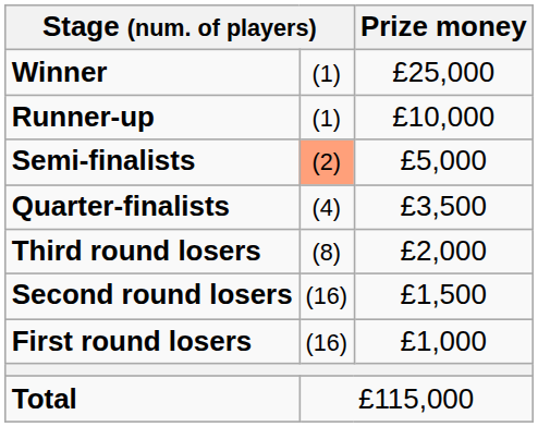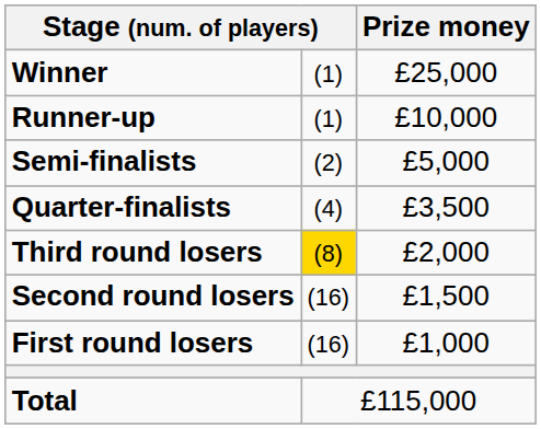 <table class="wikitable">
 <tr>
 <th colspan=2>Stage <small>(num. of players)</small></th>
 <th>Prize money</th>
 </tr>
 <tr>
 <td><strong>Winner</strong></td>
 <td align=center><small>(1)</small></td>
 <td align=center>£25,000</td>
 </tr>
 <tr>
 <td><strong>Runner-up</strong></td>
 <td align=center><small>(1)</small></td>
 <td align=center>£10,000</td>
 </tr>
 <tr>
 <td><strong>Semi-finalists</strong></td>
-<td align=center style="background: lightsalmon;"><small>(2)</small></td>
+<td align=center><small>(2)</small></td>
 <td align=center>£5,000</td>
 </tr>
 <tr>
 <td><strong>Quarter-finalists</strong></td>
 <td align=center><small>(4)</small></td>
 <td align=center>£3,500</td>
 </tr>
 <tr>
 <td><strong>Third round losers</strong></td>
-<td align=center><small>(8)</small></td>
+<td align=center style="background: gold;"><small>(8)</small></td>
 <td align=center>£2,000</td>
 </tr>
 <tr>
 <td><strong>Second round losers</strong></td>
 <td align=center><small>(16)</small></td>
 <td align=center>£1,500</td>
 </tr>
 <tr>
 <td><strong>First round losers</strong></td>
 <td align=center><small>(16)</small></td>
 <td align=center>£1,000</td>
 </tr>
 <tr>
 <th colspan=3></th>
 </tr>
 <tr>
 <td><strong>Total</strong></td>
 <td style="text-align:center;" colspan="2">£115,000</td>
 </tr>
 </table>
